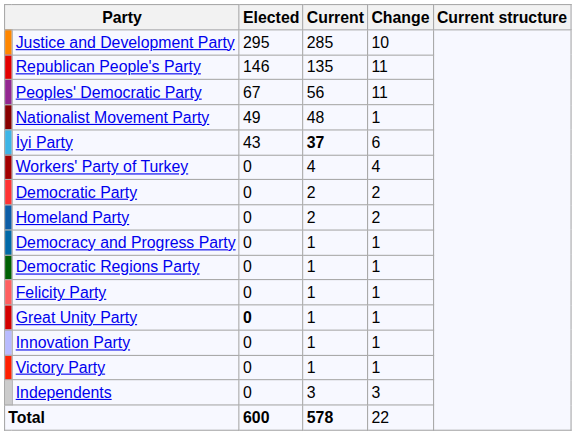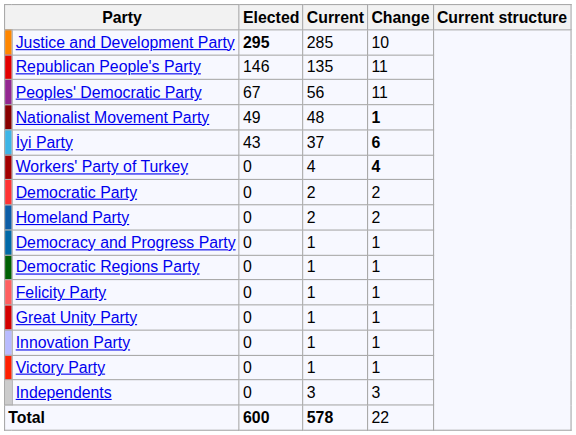 <table class=wikitable style="border:1px solid #8888aa; background-color:#f7f8ff; padding:0px; font-size:90%;">
 <tr>
 <th colspan="2">Party</th>
 <th>Elected</th>
 <th>Current</th>
 <th>Change</th>
 <th>Current structure</th>
 </tr>
 <tr>
 <td style="background:#ff8700"></td>
 <td><a href='#'>Justice and Development Party</a></td>
-<td>295</td>
+<td><strong>295</strong></td>
 <td>285</td>
 <td> 10</td>
 <td rowspan="16"></td>
 </tr>
 <tr>
 <td style="background:#E30000"></td>
 <td><a href='#'>Republican People's Party</a></td>
 <td>146</td>
 <td>135</td>
 <td> 11</td>
 </tr>
 <tr>
 <td style="background:#922790"></td>
 <td><a href='#'>Peoples' Democratic Party</a></td>
 <td>67</td>
 <td>56</td>
 <td> 11</td>
 </tr>
 <tr>
 <td style="background:#870000"></td>
 <td><a href='#'>Nationalist Movement Party</a></td>
 <td>49</td>
 <td>48</td>
-<td> 1</td>
+<td><strong> 1</strong></td>
 </tr>
 <tr>
 <td style="background:#3db5e6"></td>
 <td><a href='#'>İyi Party</a></td>
 <td>43</td>
-<td><strong>37</strong></td>
-<td> 6</td>
+<td>37</td>
+<td><strong> 6</strong></td>
 </tr>
 <tr>
 <td style="background:#A30000"></td>
 <td><a href='#'>Workers' Party of Turkey</a></td>
 <td>0</td>
 <td>4</td>
-<td> 4</td>
+<td><strong> 4</strong></td>
 </tr>
 <tr>
 <td style="background:#FF3333"></td>
 <td><a href='#'>Democratic Party</a></td>
 <td>0</td>
 <td>2</td>
 <td> 2</td>
 </tr>
 <tr>
 <td style="background:#0D5DA6"></td>
 <td><a href='#'>Homeland Party</a></td>
 <td>0</td>
 <td>2</td>
 <td> 2</td>
 </tr>
 <tr>
 <td style="background:#0069a7"></td>
 <td><a href='#'>Democracy and Progress Party</a></td>
 <td>0</td>
 <td>1</td>
 <td> 1</td>
 </tr>
 <tr>
 <td style="background:#006103"></td>
 <td><a href='#'>Democratic Regions Party</a></td>
 <td>0</td>
 <td>1</td>
 <td> 1</td>
 </tr>
 <tr>
 <td style="background:#FF5F5F"></td>
 <td><a href='#'>Felicity Party</a></td>
 <td>0</td>
 <td>1</td>
 <td> 1</td>
 </tr>
 <tr>
 <td style="background:#D40000"></td>
 <td><a href='#'>Great Unity Party</a></td>
-<td><strong>0</strong></td>
+<td>0</td>
 <td>1</td>
 <td> 1</td>
 </tr>
 <tr>
 <td style="background:#b8bbff"></td>
 <td><a href='#'>Innovation Party</a></td>
 <td>0</td>
 <td>1</td>
 <td> 1</td>
 </tr>
 <tr>
 <td style="background:#FF2001"></td>
 <td><a href='#'>Victory Party</a></td>
 <td>0</td>
 <td>1</td>
 <td> 1</td>
 </tr>
 <tr>
 <td style="background:#CCCCCC"></td>
 <td><a href='#'>Independents</a></td>
 <td>0</td>
 <td>3</td>
 <td> 3</td>
 </tr>
 <tr>
 <td colspan="2"><strong>Total</strong></td>
 <td><strong>600</strong></td>
 <td><strong>578</strong></td>
 <td> 22</td>
 </tr>
 </table>
